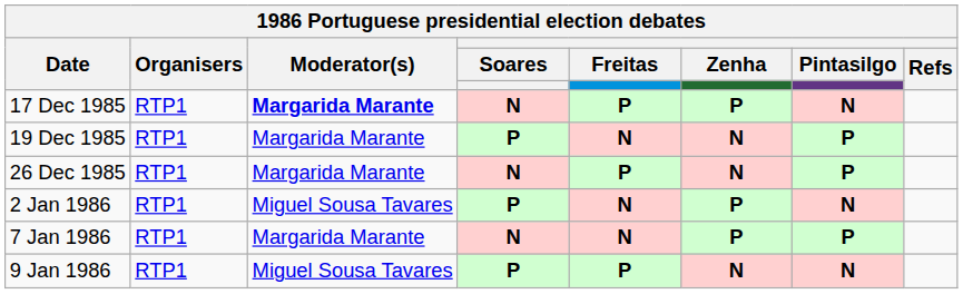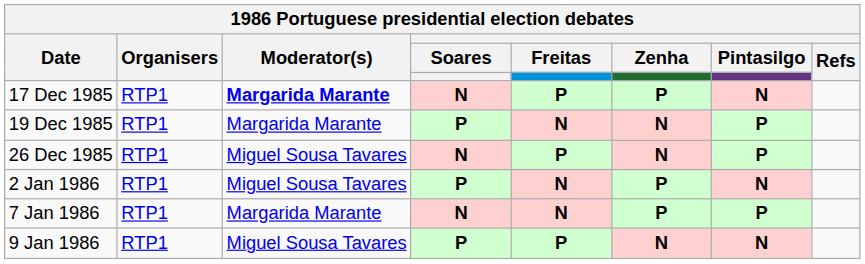 <table class="wikitable" style="font-size:98%; text-align:center;">
 <tr>
 <th colspan="21">1986 Portuguese presidential election debates</th>
 </tr>
 <tr>
 <th rowspan="3">Date</th>
 <th rowspan="3">Organisers</th>
 <th rowspan="3">Moderator(s)</th>
 <th colspan="18">      </th>
 </tr>
 <tr>
 <th scope="col" style="width:5em;">Soares</th>
 <th scope="col" style="width:5em;">Freitas</th>
 <th scope="col" style="width:5em;">Zenha</th>
 <th scope="col" style="width:5em;">Pintasilgo</th>
 <th rowspan="2">Refs</th>
 </tr>
 <tr>
 <th style="background:"></th>
 <th style="background:#0093DD;"></th>
 <th style="background:#216b31;"></th>
 <th style="background:#613484;"></th>
 </tr>
 <tr>
 <td style="white-space:nowrap; text-align:left;">17 Dec 1985</td>
 <td style="white-space:nowrap; text-align:left;"><a href='#'>RTP1</a></td>
 <td style="white-space:nowrap; text-align:left;"><strong><a href='#'>Margarida Marante</a></strong></td>
 <td style="background:#FFD0D0;"><strong>N</strong></td>
 <td style="background:#D0FFD0;"><strong>P</strong></td>
 <td style="background:#D0FFD0;"><strong>P</strong></td>
 <td style="background:#FFD0D0;"><strong>N</strong></td>
 <td></td>
 </tr>
 <tr>
 <td style="white-space:nowrap; text-align:left;">19 Dec 1985</td>
 <td style="white-space:nowrap; text-align:left;"><a href='#'>RTP1</a></td>
 <td style="white-space:nowrap; text-align:left;"><a href='#'>Margarida Marante</a></td>
 <td style="background:#D0FFD0;"><strong>P</strong></td>
 <td style="background:#FFD0D0;"><strong>N</strong></td>
 <td style="background:#FFD0D0;"><strong>N</strong></td>
 <td style="background:#D0FFD0;"><strong>P</strong></td>
 <td></td>
 </tr>
 <tr>
 <td style="white-space:nowrap; text-align:left;">26 Dec 1985</td>
 <td style="white-space:nowrap; text-align:left;"><a href='#'>RTP1</a></td>
-<td style="white-space:nowrap; text-align:left;"><a href='#'>Margarida Marante</a></td>
+<td style="white-space:nowrap; text-align:left;"><a href='#'>Miguel Sousa Tavares</a></td>
 <td style="background:#FFD0D0;"><strong>N</strong></td>
 <td style="background:#D0FFD0;"><strong>P</strong></td>
 <td style="background:#FFD0D0;"><strong>N</strong></td>
 <td style="background:#D0FFD0;"><strong>P</strong></td>
 <td></td>
 </tr>
 <tr>
 <td style="white-space:nowrap; text-align:left;">2 Jan 1986</td>
 <td style="white-space:nowrap; text-align:left;"><a href='#'>RTP1</a></td>
 <td style="white-space:nowrap; text-align:left;"><a href='#'>Miguel Sousa Tavares</a></td>
 <td style="background:#D0FFD0;"><strong>P</strong></td>
 <td style="background:#FFD0D0;"><strong>N</strong></td>
 <td style="background:#D0FFD0;"><strong>P</strong></td>
 <td style="background:#FFD0D0;"><strong>N</strong></td>
 <td></td>
 </tr>
 <tr>
 <td style="white-space:nowrap; text-align:left;">7 Jan 1986</td>
 <td style="white-space:nowrap; text-align:left;"><a href='#'>RTP1</a></td>
 <td style="white-space:nowrap; text-align:left;"><a href='#'>Margarida Marante</a></td>
 <td style="background:#FFD0D0;"><strong>N</strong></td>
 <td style="background:#FFD0D0;"><strong>N</strong></td>
 <td style="background:#D0FFD0;"><strong>P</strong></td>
 <td style="background:#D0FFD0;"><strong>P</strong></td>
 <td></td>
 </tr>
 <tr>
 <td style="white-space:nowrap; text-align:left;">9 Jan 1986</td>
 <td style="white-space:nowrap; text-align:left;"><a href='#'>RTP1</a></td>
 <td style="white-space:nowrap; text-align:left;"><a href='#'>Miguel Sousa Tavares</a></td>
 <td style="background:#D0FFD0;"><strong>P</strong></td>
 <td style="background:#D0FFD0;"><strong>P</strong></td>
 <td style="background:#FFD0D0;"><strong>N</strong></td>
 <td style="background:#FFD0D0;"><strong>N</strong></td>
 <td></td>
 </tr>
 </table>
